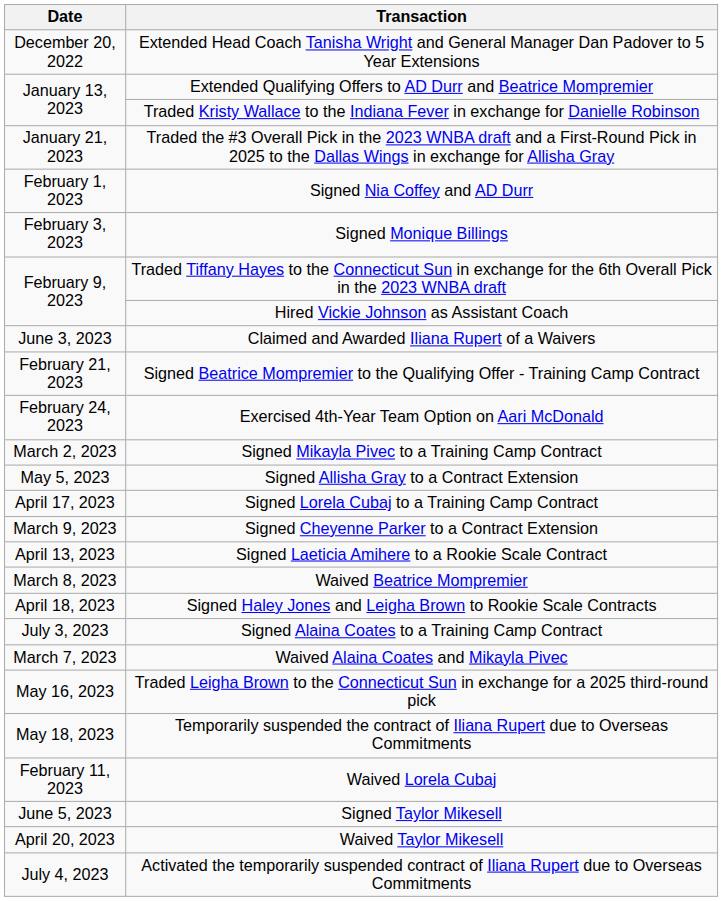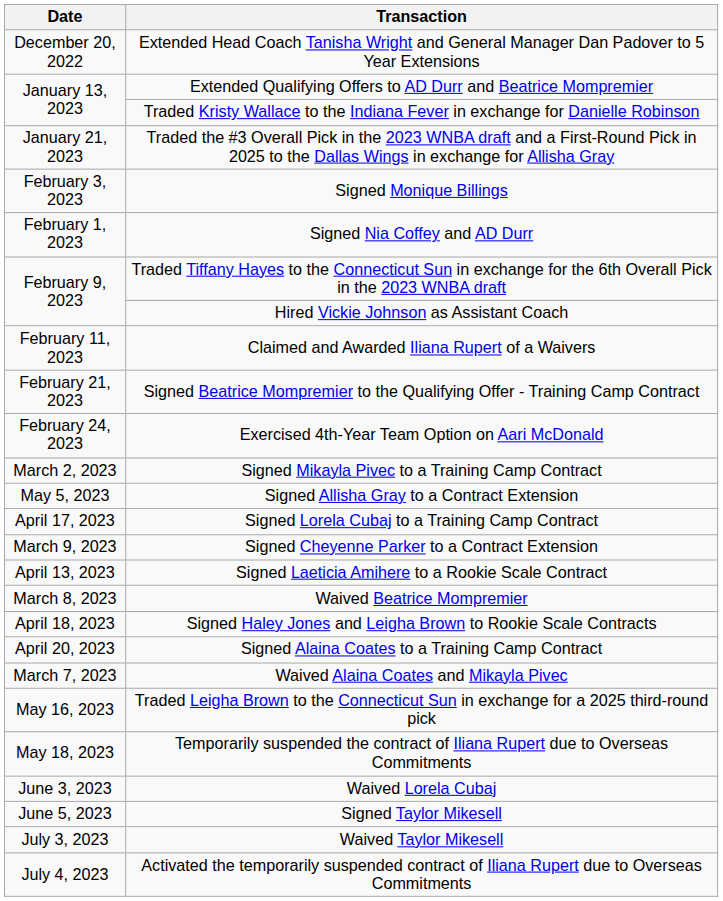 <table class="wikitable" style="width:80%; text-align:center;">
 <tr>
 <th>Date</th>
 <th>Transaction</th>
 </tr>
 <tr>
 <td>December 20, 2022</td>
 <td>Extended Head Coach <a href='#'>Tanisha Wright</a> and General Manager Dan Padover to 5 Year Extensions</td>
 </tr>
 <tr>
 <td rowspan=2>January 13, 2023</td>
 <td>Extended Qualifying Offers to <a href='#'>AD Durr</a> and <a href='#'>Beatrice Mompremier</a></td>
 </tr>
 <tr>
 <td>Traded <a href='#'>Kristy Wallace</a> to the <a href='#'>Indiana Fever</a> in exchange for <a href='#'>Danielle Robinson</a></td>
 </tr>
 <tr>
 <td>January 21, 2023</td>
 <td>Traded the #3 Overall Pick in the <a href='#'>2023 WNBA draft</a> and a First-Round Pick in 2025 to the <a href='#'>Dallas Wings</a> in exchange for <a href='#'>Allisha Gray</a></td>
 </tr>
 <tr>
+<td>February 3, 2023</td>
+<td>Signed <a href='#'>Monique Billings</a></td>
+</tr>
+<tr>
 <td>February 1, 2023</td>
 <td>Signed <a href='#'>Nia Coffey</a> and <a href='#'>AD Durr</a></td>
-</tr>
-<tr>
-<td>February 3, 2023</td>
-<td>Signed <a href='#'>Monique Billings</a></td>
 </tr>
 <tr>
 <td rowspan=2>February 9, 2023</td>
 <td>Traded <a href='#'>Tiffany Hayes</a> to the <a href='#'>Connecticut Sun</a> in exchange for the 6th Overall Pick in the <a href='#'>2023 WNBA draft</a></td>
 </tr>
 <tr>
 <td>Hired <a href='#'>Vickie Johnson</a> as Assistant Coach</td>
 </tr>
 <tr>
-<td>June 3, 2023</td>
+<td>February 11, 2023</td>
 <td>Claimed and Awarded <a href='#'>Iliana Rupert</a> of a Waivers</td>
 </tr>
 <tr>
 <td>February 21, 2023</td>
 <td>Signed <a href='#'>Beatrice Mompremier</a> to the Qualifying Offer - Training Camp Contract</td>
 </tr>
 <tr>
 <td>February 24, 2023</td>
 <td>Exercised 4th-Year Team Option on <a href='#'>Aari McDonald</a></td>
 </tr>
 <tr>
 <td>March 2, 2023</td>
 <td>Signed <a href='#'>Mikayla Pivec</a> to a Training Camp Contract</td>
 </tr>
 <tr>
 <td>May 5, 2023</td>
 <td>Signed <a href='#'>Allisha Gray</a> to a Contract Extension</td>
 </tr>
 <tr>
 <td>April 17, 2023</td>
 <td>Signed <a href='#'>Lorela Cubaj</a> to a Training Camp Contract</td>
 </tr>
 <tr>
 <td>March 9, 2023</td>
 <td>Signed <a href='#'>Cheyenne Parker</a> to a Contract Extension</td>
 </tr>
 <tr>
 <td>April 13, 2023</td>
 <td>Signed <a href='#'>Laeticia Amihere</a> to a Rookie Scale Contract</td>
 </tr>
 <tr>
 <td>March 8, 2023</td>
 <td>Waived <a href='#'>Beatrice Mompremier</a></td>
 </tr>
 <tr>
 <td>April 18, 2023</td>
 <td>Signed <a href='#'>Haley Jones</a> and <a href='#'>Leigha Brown</a> to Rookie Scale Contracts</td>
 </tr>
 <tr>
-<td>July 3, 2023</td>
+<td>April 20, 2023</td>
 <td>Signed <a href='#'>Alaina Coates</a> to a Training Camp Contract</td>
 </tr>
 <tr>
 <td>March 7, 2023</td>
 <td>Waived <a href='#'>Alaina Coates</a> and <a href='#'>Mikayla Pivec</a></td>
 </tr>
 <tr>
 <td>May 16, 2023</td>
 <td>Traded <a href='#'>Leigha Brown</a> to the <a href='#'>Connecticut Sun</a> in exchange for a 2025 third-round pick</td>
 </tr>
 <tr>
 <td>May 18, 2023</td>
 <td>Temporarily suspended the contract of <a href='#'>Iliana Rupert</a> due to Overseas Commitments</td>
 </tr>
 <tr>
-<td>February 11, 2023</td>
+<td>June 3, 2023</td>
 <td>Waived <a href='#'>Lorela Cubaj</a></td>
 </tr>
 <tr>
 <td>June 5, 2023</td>
 <td>Signed <a href='#'>Taylor Mikesell</a></td>
 </tr>
 <tr>
-<td>April 20, 2023</td>
+<td>July 3, 2023</td>
 <td>Waived <a href='#'>Taylor Mikesell</a></td>
 </tr>
 <tr>
 <td>July 4, 2023</td>
 <td>Activated the temporarily suspended contract of <a href='#'>Iliana Rupert</a> due to Overseas Commitments</td>
 </tr>
 </table>
